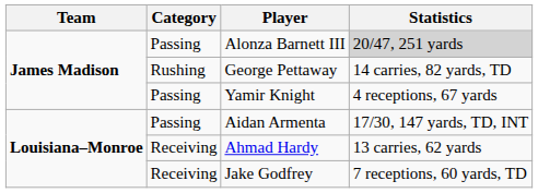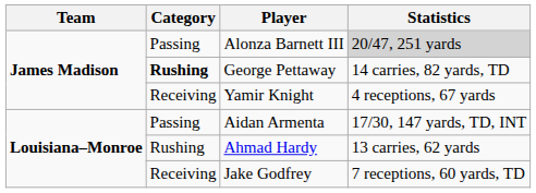 <table class="wikitable" style="float: right;">
 <tr>
 <th>Team</th>
 <th>Category</th>
 <th>Player</th>
 <th>Statistics</th>
 </tr>
 <tr>
 <td rowspan=3><strong>James Madison</strong></td>
 <td>Passing</td>
 <td>Alonza Barnett III</td>
 <td style="background: lightgrey;">20/47, 251 yards</td>
 </tr>
 <tr>
-<td>Rushing</td>
+<td><strong>Rushing</strong></td>
 <td>George Pettaway</td>
 <td>14 carries, 82 yards, TD</td>
 </tr>
 <tr>
-<td>Passing</td>
+<td>Receiving</td>
 <td>Yamir Knight</td>
 <td>4 receptions, 67 yards</td>
 </tr>
 <tr>
 <td rowspan=3><strong>Louisiana–Monroe</strong></td>
 <td>Passing</td>
 <td>Aidan Armenta</td>
 <td>17/30, 147 yards, TD, INT</td>
 </tr>
 <tr>
-<td>Receiving</td>
+<td>Rushing</td>
 <td><a href='#'>Ahmad Hardy</a></td>
 <td>13 carries, 62 yards</td>
 </tr>
 <tr>
 <td>Receiving</td>
 <td>Jake Godfrey</td>
 <td>7 receptions, 60 yards, TD</td>
 </tr>
 </table>
